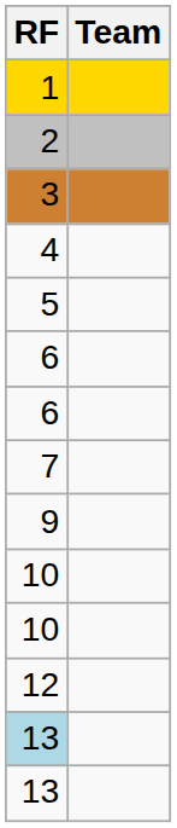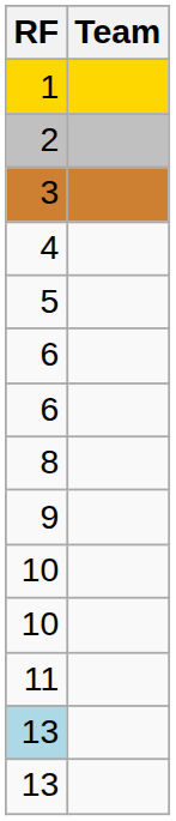 <table class="wikitable">
 <tr>
 <th>RF</th>
 <th>Team</th>
 </tr>
 <tr bgcolor="#FFD700" align="right">
 <td>1</td>
 <td align="left"></td>
 </tr>
 <tr bgcolor="#C0C0C0" align="right">
 <td>2</td>
 <td align="left"></td>
 </tr>
 <tr bgcolor="#CD7F32" align="right">
 <td>3</td>
 <td align="left"></td>
 </tr>
 <tr align="right">
 <td>4</td>
 <td align="left"></td>
 </tr>
 <tr align="right">
 <td>5</td>
 <td align="left"></td>
 </tr>
 <tr align="right">
 <td>6</td>
 <td align="left"></td>
 </tr>
 <tr align="right">
 <td>6</td>
 <td align="left"></td>
 </tr>
 <tr align="right">
-<td>7</td>
+<td>8</td>
 <td align="left"></td>
 </tr>
 <tr align="right">
 <td>9</td>
 <td align="left"></td>
 </tr>
 <tr align="right">
 <td>10</td>
 <td align="left"></td>
 </tr>
 <tr align="right">
 <td>10</td>
 <td align="left"></td>
 </tr>
 <tr align="right">
-<td>12</td>
+<td>11</td>
 <td align="left"></td>
 </tr>
 <tr align="right">
 <td style="background: lightblue;">13</td>
 <td align="left"></td>
 </tr>
 <tr align="right">
 <td>13</td>
 <td align="left"></td>
 </tr>
 </table>
